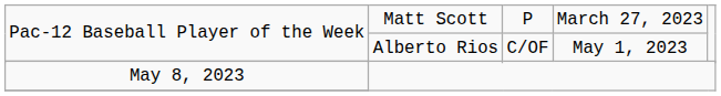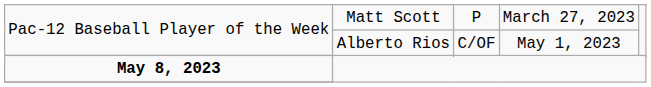 <table class="wikitable" style="text-align: center;">
 <tr align="center">
 <td rowspan="3">Pac-12 Baseball Player of the Week</td>
 <td>Matt Scott</td>
 <td>P</td>
 <td>March 27, 2023</td>
 <td rowspan="3"></td>
 </tr>
 <tr>
 <td rowspan="2">Alberto Rios</td>
 <td rowspan="2">C/OF</td>
 <td>May 1, 2023</td>
 </tr>
 <tr>
 </tr>
 <tr>
 </tr>
 <tr>
 </tr>
 <tr>
-<td>May 8, 2023</td>
+<td><strong>May 8, 2023</strong></td>
 </tr>
 <tr>
 </tr>
 </table>
